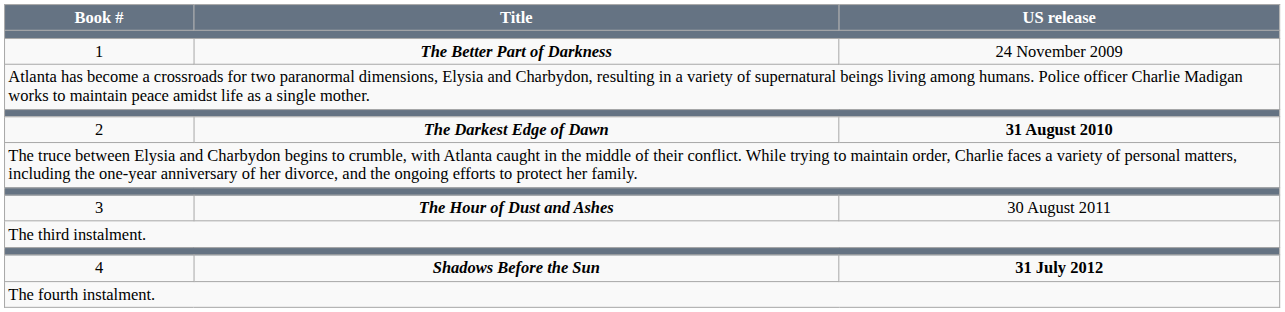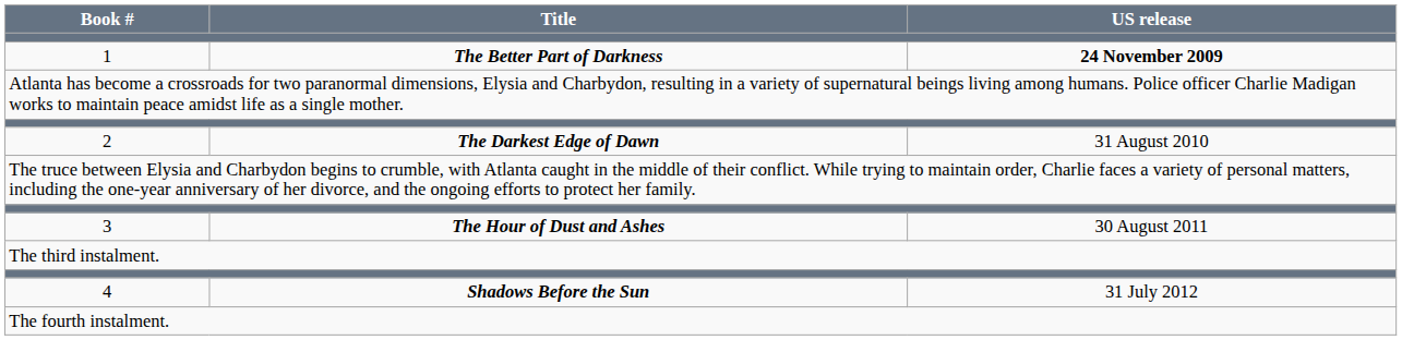 <table class="wikitable" style="width:98%; background-color:#FFFFF">
 <tr style="color:white">
 <th style="background-color: #657383;">Book #</th>
 <th style="background-color: #657383;">Title</th>
 <th style="background-color: #657383;">US release</th>
 </tr>
 <tr>
 <td colspan="6" bgcolor="#657383"></td>
 </tr>
 <tr>
 <td align="center">1</td>
 <td align="center"><strong><em>The Better Part of Darkness</em></strong></td>
-<td align="center">24 November 2009</td>
+<td align="center"><strong>24 November 2009</strong></td>
 </tr>
 <tr>
 <td colspan="6">Atlanta has become a crossroads for two paranormal dimensions, Elysia and Charbydon, resulting in a variety of supernatural beings living among humans. Police officer Charlie Madigan works to maintain peace amidst life as a single mother.</td>
 </tr>
 <tr>
 <td colspan="6" bgcolor="#657383"></td>
 </tr>
 <tr>
 <td align="center">2</td>
 <td align="center"><strong><em>The Darkest Edge of Dawn</em></strong></td>
-<td align="center"><strong>31 August 2010</strong></td>
+<td align="center">31 August 2010</td>
 </tr>
 <tr>
 <td colspan="6">The truce between Elysia and Charbydon begins to crumble, with Atlanta caught in the middle of their conflict. While trying to maintain order, Charlie faces a variety of personal matters, including the one-year anniversary of her divorce, and the ongoing efforts to protect her family.</td>
 </tr>
 <tr>
 <td colspan="6" bgcolor="#657383"></td>
 </tr>
 <tr>
 <td align="center">3</td>
 <td align="center"><strong><em>The Hour of Dust and Ashes</em></strong></td>
 <td align="center">30 August 2011</td>
 </tr>
 <tr>
 <td colspan="6">The third instalment.</td>
 </tr>
 <tr>
 <td colspan="6" bgcolor="#657383"></td>
 </tr>
 <tr>
 <td align="center">4</td>
 <td align="center"><strong><em>Shadows Before the Sun</em></strong></td>
-<td align="center"><strong>31 July 2012</strong></td>
+<td align="center">31 July 2012</td>
 </tr>
 <tr>
 <td colspan="6">The fourth instalment.</td>
 </tr>
 </table>
